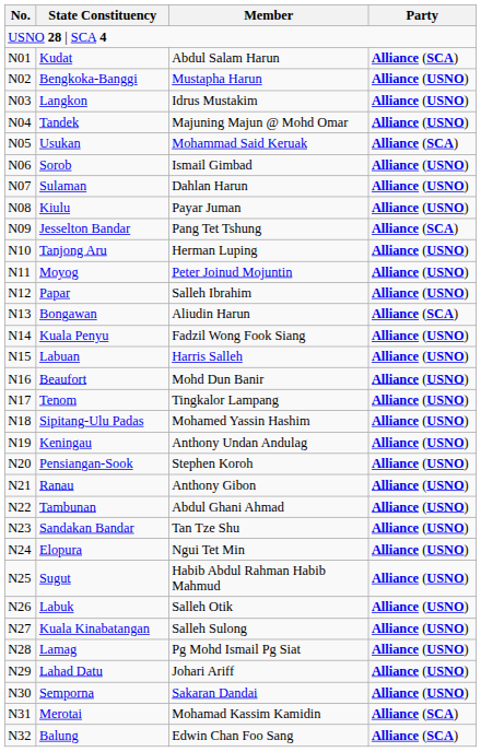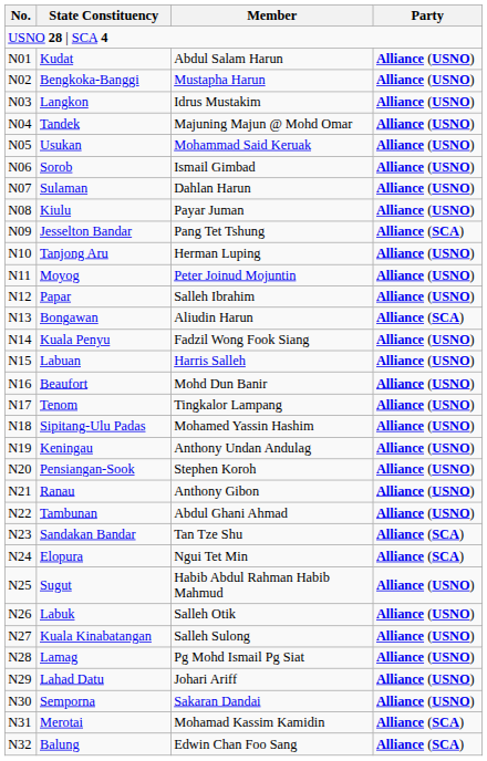 <table class="wikitable sortable">
 <tr>
 <th style="width:30px;">No.</th>
 <th style="width:150px;">State Constituency</th>
 <th style="width:230px;">Member</th>
 <th style="width:120px;">Party</th>
 </tr>
 <tr>
 <td colspan="4"><a href='#'>USNO</a> <strong>28</strong> | <a href='#'>SCA</a> <strong>4</strong></td>
 </tr>
 <tr>
 <td>N01</td>
 <td><a href='#'>Kudat</a></td>
 <td>Abdul Salam Harun</td>
-<td><strong><a href='#'>Alliance</a></strong> (<strong><a href='#'>SCA</a></strong>)</td>
+<td><strong><a href='#'>Alliance</a></strong> (<strong><a href='#'>USNO</a></strong>)</td>
 </tr>
 <tr>
 <td>N02</td>
 <td><a href='#'>Bengkoka-Banggi</a></td>
 <td><a href='#'>Mustapha Harun</a></td>
 <td><strong><a href='#'>Alliance</a></strong> (<strong><a href='#'>USNO</a></strong>)</td>
 </tr>
 <tr>
 <td>N03</td>
 <td><a href='#'>Langkon</a></td>
 <td>Idrus Mustakim</td>
 <td><strong><a href='#'>Alliance</a></strong> (<strong><a href='#'>USNO</a></strong>)</td>
 </tr>
 <tr>
 <td>N04</td>
 <td><a href='#'>Tandek</a></td>
 <td>Majuning Majun @ Mohd Omar</td>
 <td><strong><a href='#'>Alliance</a></strong> (<strong><a href='#'>USNO</a></strong>)</td>
 </tr>
 <tr>
 <td>N05</td>
 <td><a href='#'>Usukan</a></td>
 <td><a href='#'>Mohammad Said Keruak</a></td>
-<td><strong><a href='#'>Alliance</a></strong> (<strong><a href='#'>SCA</a></strong>)</td>
+<td><strong><a href='#'>Alliance</a></strong> (<strong><a href='#'>USNO</a></strong>)</td>
 </tr>
 <tr>
 <td>N06</td>
 <td><a href='#'>Sorob</a></td>
 <td>Ismail Gimbad</td>
 <td><strong><a href='#'>Alliance</a></strong> (<strong><a href='#'>USNO</a></strong>)</td>
 </tr>
 <tr>
 <td>N07</td>
 <td><a href='#'>Sulaman</a></td>
 <td>Dahlan Harun</td>
 <td><strong><a href='#'>Alliance</a></strong> (<strong><a href='#'>USNO</a></strong>)</td>
 </tr>
 <tr>
 <td>N08</td>
 <td><a href='#'>Kiulu</a></td>
 <td>Payar Juman</td>
 <td><strong><a href='#'>Alliance</a></strong> (<strong><a href='#'>USNO</a></strong>)</td>
 </tr>
 <tr>
 <td>N09</td>
 <td><a href='#'>Jesselton Bandar</a></td>
 <td>Pang Tet Tshung</td>
 <td><strong><a href='#'>Alliance</a></strong> (<strong><a href='#'>SCA</a></strong>)</td>
 </tr>
 <tr>
 <td>N10</td>
 <td><a href='#'>Tanjong Aru</a></td>
 <td>Herman Luping</td>
 <td><strong><a href='#'>Alliance</a></strong> (<strong><a href='#'>USNO</a></strong>)</td>
 </tr>
 <tr>
 <td>N11</td>
 <td><a href='#'>Moyog</a></td>
 <td><a href='#'>Peter Joinud Mojuntin</a></td>
 <td><strong><a href='#'>Alliance</a></strong> (<strong><a href='#'>USNO</a></strong>)</td>
 </tr>
 <tr>
 <td>N12</td>
 <td><a href='#'>Papar</a></td>
 <td>Salleh Ibrahim</td>
 <td><strong><a href='#'>Alliance</a></strong> (<strong><a href='#'>USNO</a></strong>)</td>
 </tr>
 <tr>
 <td>N13</td>
 <td><a href='#'>Bongawan</a></td>
 <td>Aliudin Harun</td>
 <td><strong><a href='#'>Alliance</a></strong> (<strong><a href='#'>SCA</a></strong>)</td>
 </tr>
 <tr>
 <td>N14</td>
 <td><a href='#'>Kuala Penyu</a></td>
 <td>Fadzil Wong Fook Siang</td>
 <td><strong><a href='#'>Alliance</a></strong> (<strong><a href='#'>USNO</a></strong>)</td>
 </tr>
 <tr>
 <td>N15</td>
 <td><a href='#'>Labuan</a></td>
 <td><a href='#'>Harris Salleh</a></td>
 <td><strong><a href='#'>Alliance</a></strong> (<strong><a href='#'>USNO</a></strong>)</td>
 </tr>
 <tr>
 <td>N16</td>
 <td><a href='#'>Beaufort</a></td>
 <td>Mohd Dun Banir</td>
 <td><strong><a href='#'>Alliance</a></strong> (<strong><a href='#'>USNO</a></strong>)</td>
 </tr>
 <tr>
 <td>N17</td>
 <td><a href='#'>Tenom</a></td>
 <td>Tingkalor Lampang</td>
 <td><strong><a href='#'>Alliance</a></strong> (<strong><a href='#'>USNO</a></strong>)</td>
 </tr>
 <tr>
 <td>N18</td>
 <td><a href='#'>Sipitang-Ulu Padas</a></td>
 <td>Mohamed Yassin Hashim</td>
 <td><strong><a href='#'>Alliance</a></strong> (<strong><a href='#'>USNO</a></strong>)</td>
 </tr>
 <tr>
 <td>N19</td>
 <td><a href='#'>Keningau</a></td>
 <td>Anthony Undan Andulag</td>
 <td><strong><a href='#'>Alliance</a></strong> (<strong><a href='#'>USNO</a></strong>)</td>
 </tr>
 <tr>
 <td>N20</td>
 <td><a href='#'>Pensiangan-Sook</a></td>
 <td>Stephen Koroh</td>
 <td><strong><a href='#'>Alliance</a></strong> (<strong><a href='#'>USNO</a></strong>)</td>
 </tr>
 <tr>
 <td>N21</td>
 <td><a href='#'>Ranau</a></td>
 <td>Anthony Gibon</td>
 <td><strong><a href='#'>Alliance</a></strong> (<strong><a href='#'>USNO</a></strong>)</td>
 </tr>
 <tr>
 <td>N22</td>
 <td><a href='#'>Tambunan</a></td>
 <td>Abdul Ghani Ahmad</td>
 <td><strong><a href='#'>Alliance</a></strong> (<strong><a href='#'>USNO</a></strong>)</td>
 </tr>
 <tr>
 <td>N23</td>
 <td><a href='#'>Sandakan Bandar</a></td>
 <td>Tan Tze Shu</td>
-<td><strong><a href='#'>Alliance</a></strong> (<strong><a href='#'>USNO</a></strong>)</td>
+<td><strong><a href='#'>Alliance</a></strong> (<strong><a href='#'>SCA</a></strong>)</td>
 </tr>
 <tr>
 <td>N24</td>
 <td><a href='#'>Elopura</a></td>
 <td>Ngui Tet Min</td>
-<td><strong><a href='#'>Alliance</a></strong> (<strong><a href='#'>USNO</a></strong>)</td>
+<td><strong><a href='#'>Alliance</a></strong> (<strong><a href='#'>SCA</a></strong>)</td>
 </tr>
 <tr>
 <td>N25</td>
 <td><a href='#'>Sugut</a></td>
 <td>Habib Abdul Rahman Habib Mahmud</td>
 <td><strong><a href='#'>Alliance</a></strong> (<strong><a href='#'>USNO</a></strong>)</td>
 </tr>
 <tr>
 <td>N26</td>
 <td><a href='#'>Labuk</a></td>
 <td>Salleh Otik</td>
 <td><strong><a href='#'>Alliance</a></strong> (<strong><a href='#'>USNO</a></strong>)</td>
 </tr>
 <tr>
 <td>N27</td>
 <td><a href='#'>Kuala Kinabatangan</a></td>
 <td>Salleh Sulong</td>
 <td><strong><a href='#'>Alliance</a></strong> (<strong><a href='#'>USNO</a></strong>)</td>
 </tr>
 <tr>
 <td>N28</td>
 <td><a href='#'>Lamag</a></td>
 <td>Pg Mohd Ismail Pg Siat</td>
 <td><strong><a href='#'>Alliance</a></strong> (<strong><a href='#'>USNO</a></strong>)</td>
 </tr>
 <tr>
 <td>N29</td>
 <td><a href='#'>Lahad Datu</a></td>
 <td>Johari Ariff</td>
 <td><strong><a href='#'>Alliance</a></strong> (<strong><a href='#'>USNO</a></strong>)</td>
 </tr>
 <tr>
 <td>N30</td>
 <td><a href='#'>Semporna</a></td>
 <td><a href='#'>Sakaran Dandai</a></td>
 <td><strong><a href='#'>Alliance</a></strong> (<strong><a href='#'>USNO</a></strong>)</td>
 </tr>
 <tr>
 <td>N31</td>
 <td><a href='#'>Merotai</a></td>
 <td>Mohamad Kassim Kamidin</td>
 <td><strong><a href='#'>Alliance</a></strong> (<strong><a href='#'>SCA</a></strong>)</td>
 </tr>
 <tr>
 <td>N32</td>
 <td><a href='#'>Balung</a></td>
 <td>Edwin Chan Foo Sang</td>
 <td><strong><a href='#'>Alliance</a></strong> (<strong><a href='#'>SCA</a></strong>)</td>
 </tr>
 </table>
